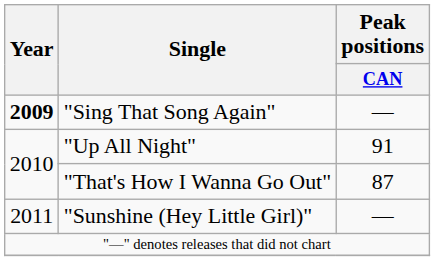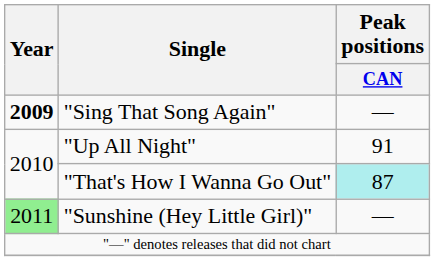 <table class="wikitable" style="text-align:center;">
 <tr>
 <th rowspan="2">Year</th>
 <th rowspan="2">Single</th>
 <th>Peak positions</th>
 </tr>
 <tr style="font-size:smaller;">
 <th width="60"><a href='#'>CAN</a></th>
 </tr>
 <tr>
 <td><strong>2009</strong></td>
 <td align="left">"Sing That Song Again"</td>
 <td>—</td>
 </tr>
 <tr>
 <td rowspan="2">2010</td>
 <td align="left">"Up All Night"</td>
 <td>91</td>
 </tr>
 <tr>
 <td align="left">"That's How I Wanna Go Out"</td>
-<td>87</td>
+<td style="background: paleturquoise;">87</td>
 </tr>
 <tr>
-<td>2011</td>
+<td style="background: lightgreen;">2011</td>
 <td align="left">"Sunshine (Hey Little Girl)"</td>
 <td>—</td>
 </tr>
 <tr>
 <td colspan="3" style="font-size:8pt">"—" denotes releases that did not chart</td>
 </tr>
 <tr>
 </tr>
 </table>
